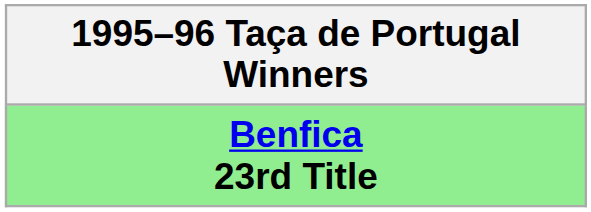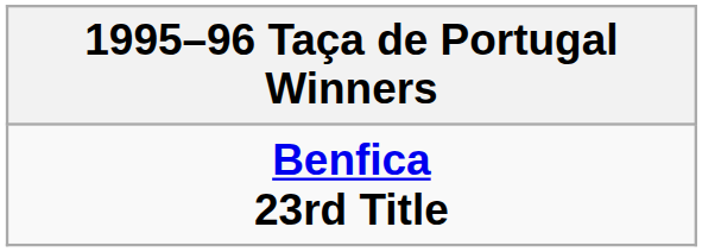 <table class="wikitable" style="text-align: center; margin: 0 auto; width: 20%">
 <tr>
 <th>1995–96 Taça de Portugal Winners</th>
 </tr>
 <tr>
-<td style="background: lightgreen;"><strong><a href='#'>Benfica</a></strong><br><strong>23rd Title</strong></td>
+<td><strong><a href='#'>Benfica</a></strong><br><strong>23rd Title</strong></td>
 </tr>
 </table>
